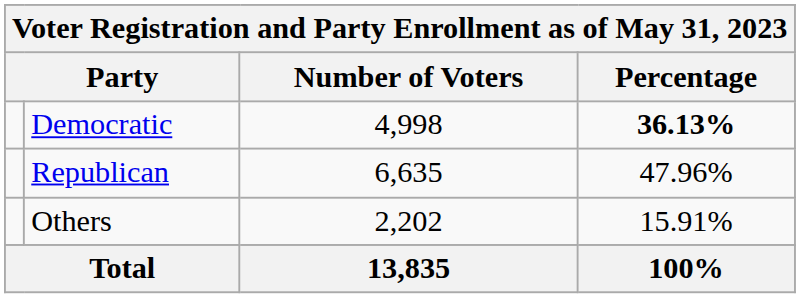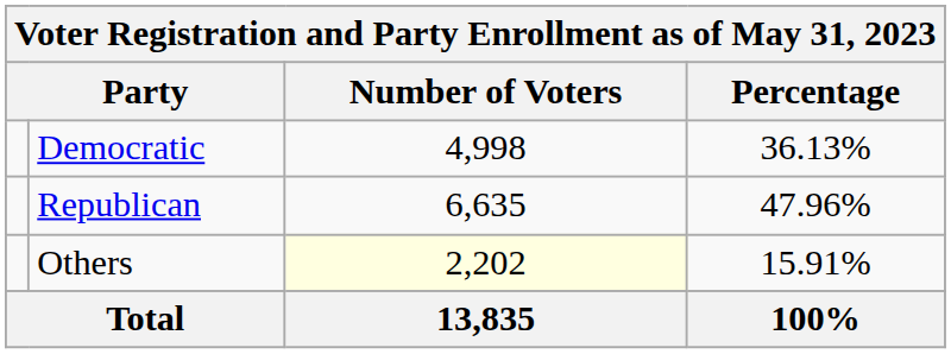 <table class=wikitable>
 <tr>
 <th colspan = 6>Voter Registration and Party Enrollment as of May 31, 2023</th>
 </tr>
 <tr>
 <th colspan = 2>Party</th>
 <th>Number of Voters</th>
 <th>Percentage</th>
 </tr>
 <tr>
 <td></td>
 <td><a href='#'>Democratic</a></td>
 <td align = center>4,998</td>
-<td align = center><strong>36.13%</strong></td>
+<td align = center>36.13%</td>
 </tr>
 <tr>
 <td></td>
 <td><a href='#'>Republican</a></td>
 <td align = center>6,635</td>
 <td align = center>47.96%</td>
 </tr>
 <tr>
 <td></td>
 <td>Others</td>
-<td align = center>2,202</td>
+<td align = center style="background: lightyellow;">2,202</td>
 <td align = center>15.91%</td>
 </tr>
 <tr>
 <th colspan = 2>Total</th>
 <th align = center>13,835</th>
 <th align = center>100%</th>
 </tr>
 </table>
